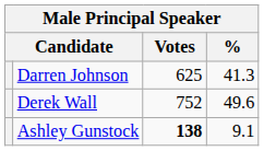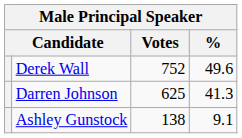 <table class="wikitable">
 <tr>
 <th colspan="4">Male Principal Speaker</th>
 </tr>
 <tr style="background:#e9e9e9;">
 <th colspan="2">Candidate</th>
 <th style="width: 50px">Votes</th>
 <th style="width: 40px">%</th>
 </tr>
 <tr>
 <th style="background-color: "></th>
+<td><a href='#'>Derek Wall</a></td>
+<td style="text-align:right;">752</td>
+<td style="text-align:right;">49.6</td>
+</tr>
+<tr>
+<th style="background-color: "></th>
 <td><a href='#'>Darren Johnson</a></td>
 <td style="text-align:right;">625</td>
 <td style="text-align:right;">41.3</td>
 </tr>
 <tr>
 <th style="background-color: "></th>
-<td><a href='#'>Derek Wall</a></td>
-<td style="text-align:right;">752</td>
-<td style="text-align:right;">49.6</td>
-</tr>
-<tr>
-<th style="background-color: "></th>
 <td><a href='#'>Ashley Gunstock</a></td>
-<td style="text-align:right;"><strong>138</strong></td>
+<td style="text-align:right;">138</td>
 <td style="text-align:right;">9.1</td>
 </tr>
 </table>
